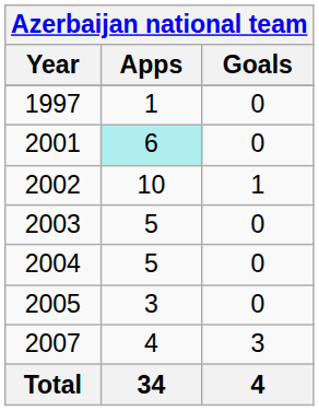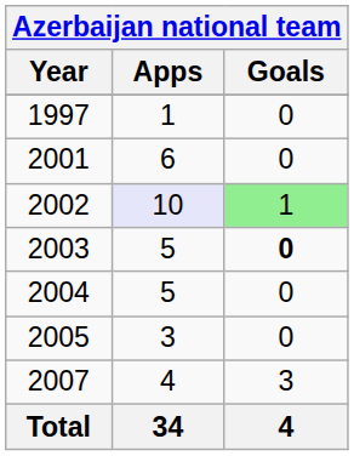 <table class="wikitable" style="text-align:center">
 <tr>
 <th colspan=3><a href='#'>Azerbaijan national team</a></th>
 </tr>
 <tr>
 <th>Year</th>
 <th>Apps</th>
 <th>Goals</th>
 </tr>
 <tr>
 </tr>
 <tr>
 <td>1997</td>
 <td>1</td>
 <td>0</td>
 </tr>
 <tr>
 <td>2001</td>
-<td style="background: paleturquoise;">6</td>
+<td>6</td>
 <td>0</td>
 </tr>
 <tr>
 <td>2002</td>
-<td>10</td>
-<td>1</td>
+<td style="background: lavender;">10</td>
+<td style="background: lightgreen;">1</td>
 </tr>
 <tr>
 <td>2003</td>
 <td>5</td>
-<td>0</td>
+<td><strong>0</strong></td>
 </tr>
 <tr>
 <td>2004</td>
 <td>5</td>
 <td>0</td>
 </tr>
 <tr>
 <td>2005</td>
 <td>3</td>
 <td>0</td>
 </tr>
 <tr>
 <td>2007</td>
 <td>4</td>
 <td>3</td>
 </tr>
 <tr>
 <th>Total</th>
 <th>34</th>
 <th>4</th>
 </tr>
 </table>
